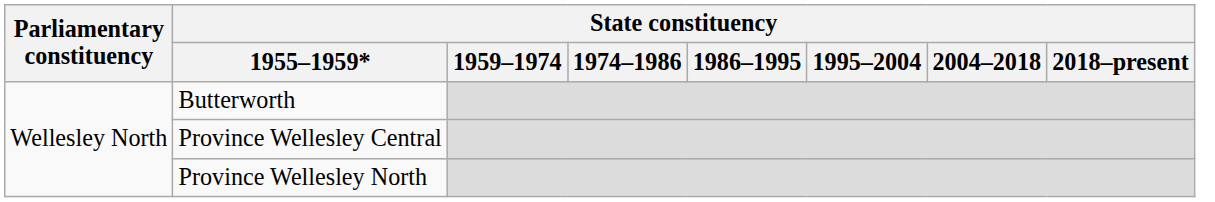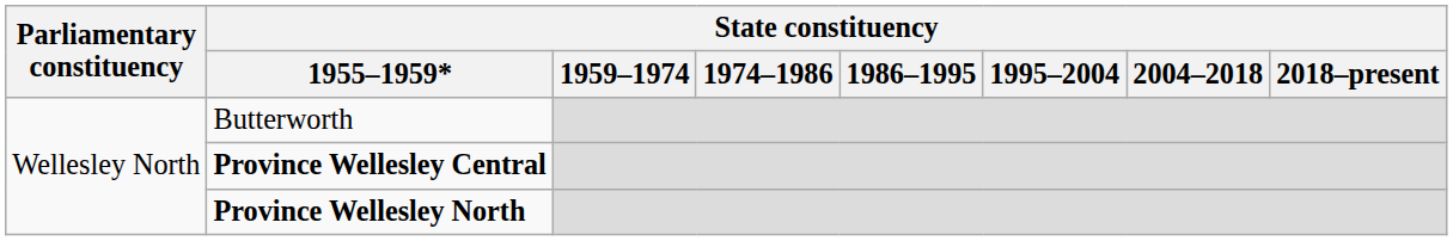 <table class="wikitable">
 <tr>
 <th rowspan="2">Parliamentary<br>constituency</th>
 <th colspan="7">State constituency</th>
 </tr>
 <tr>
 <th>1955–1959*</th>
 <th>1959–1974</th>
 <th>1974–1986</th>
 <th>1986–1995</th>
 <th>1995–2004</th>
 <th>2004–2018</th>
 <th>2018–present</th>
 </tr>
 <tr>
 <td rowspan="3">Wellesley North</td>
 <td>Butterworth</td>
 <td colspan="6" bgcolor="dcdcdc"></td>
 </tr>
 <tr>
-<td>Province Wellesley Central</td>
+<td><strong>Province Wellesley Central</strong></td>
 <td colspan="6" bgcolor="dcdcdc"></td>
 </tr>
 <tr>
-<td>Province Wellesley North</td>
+<td><strong>Province Wellesley North</strong></td>
 <td colspan="6" bgcolor="dcdcdc"></td>
 </tr>
 </table>
